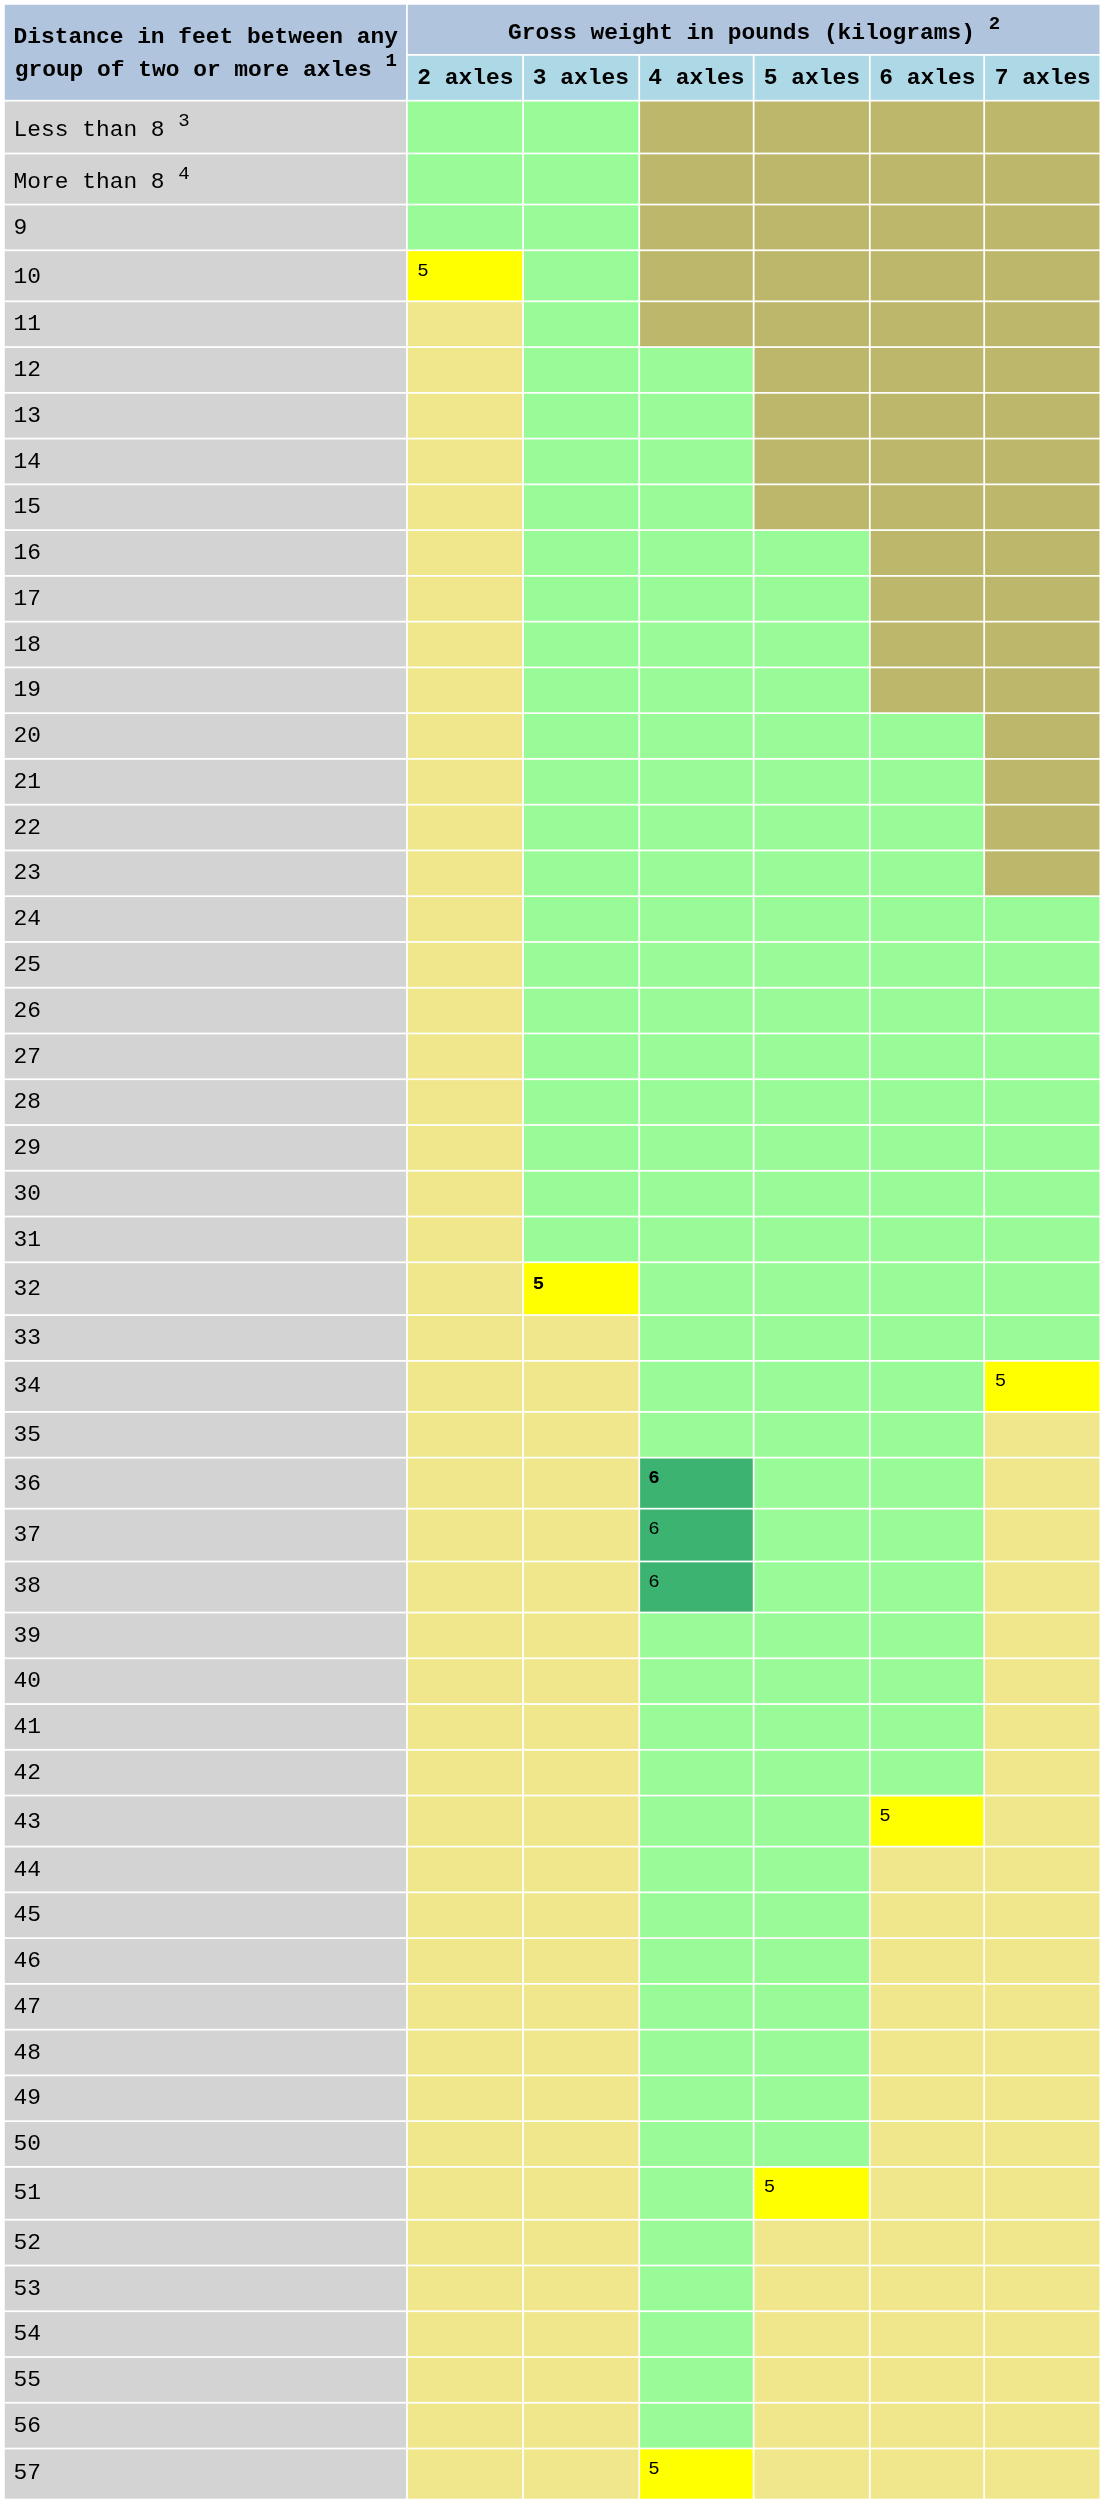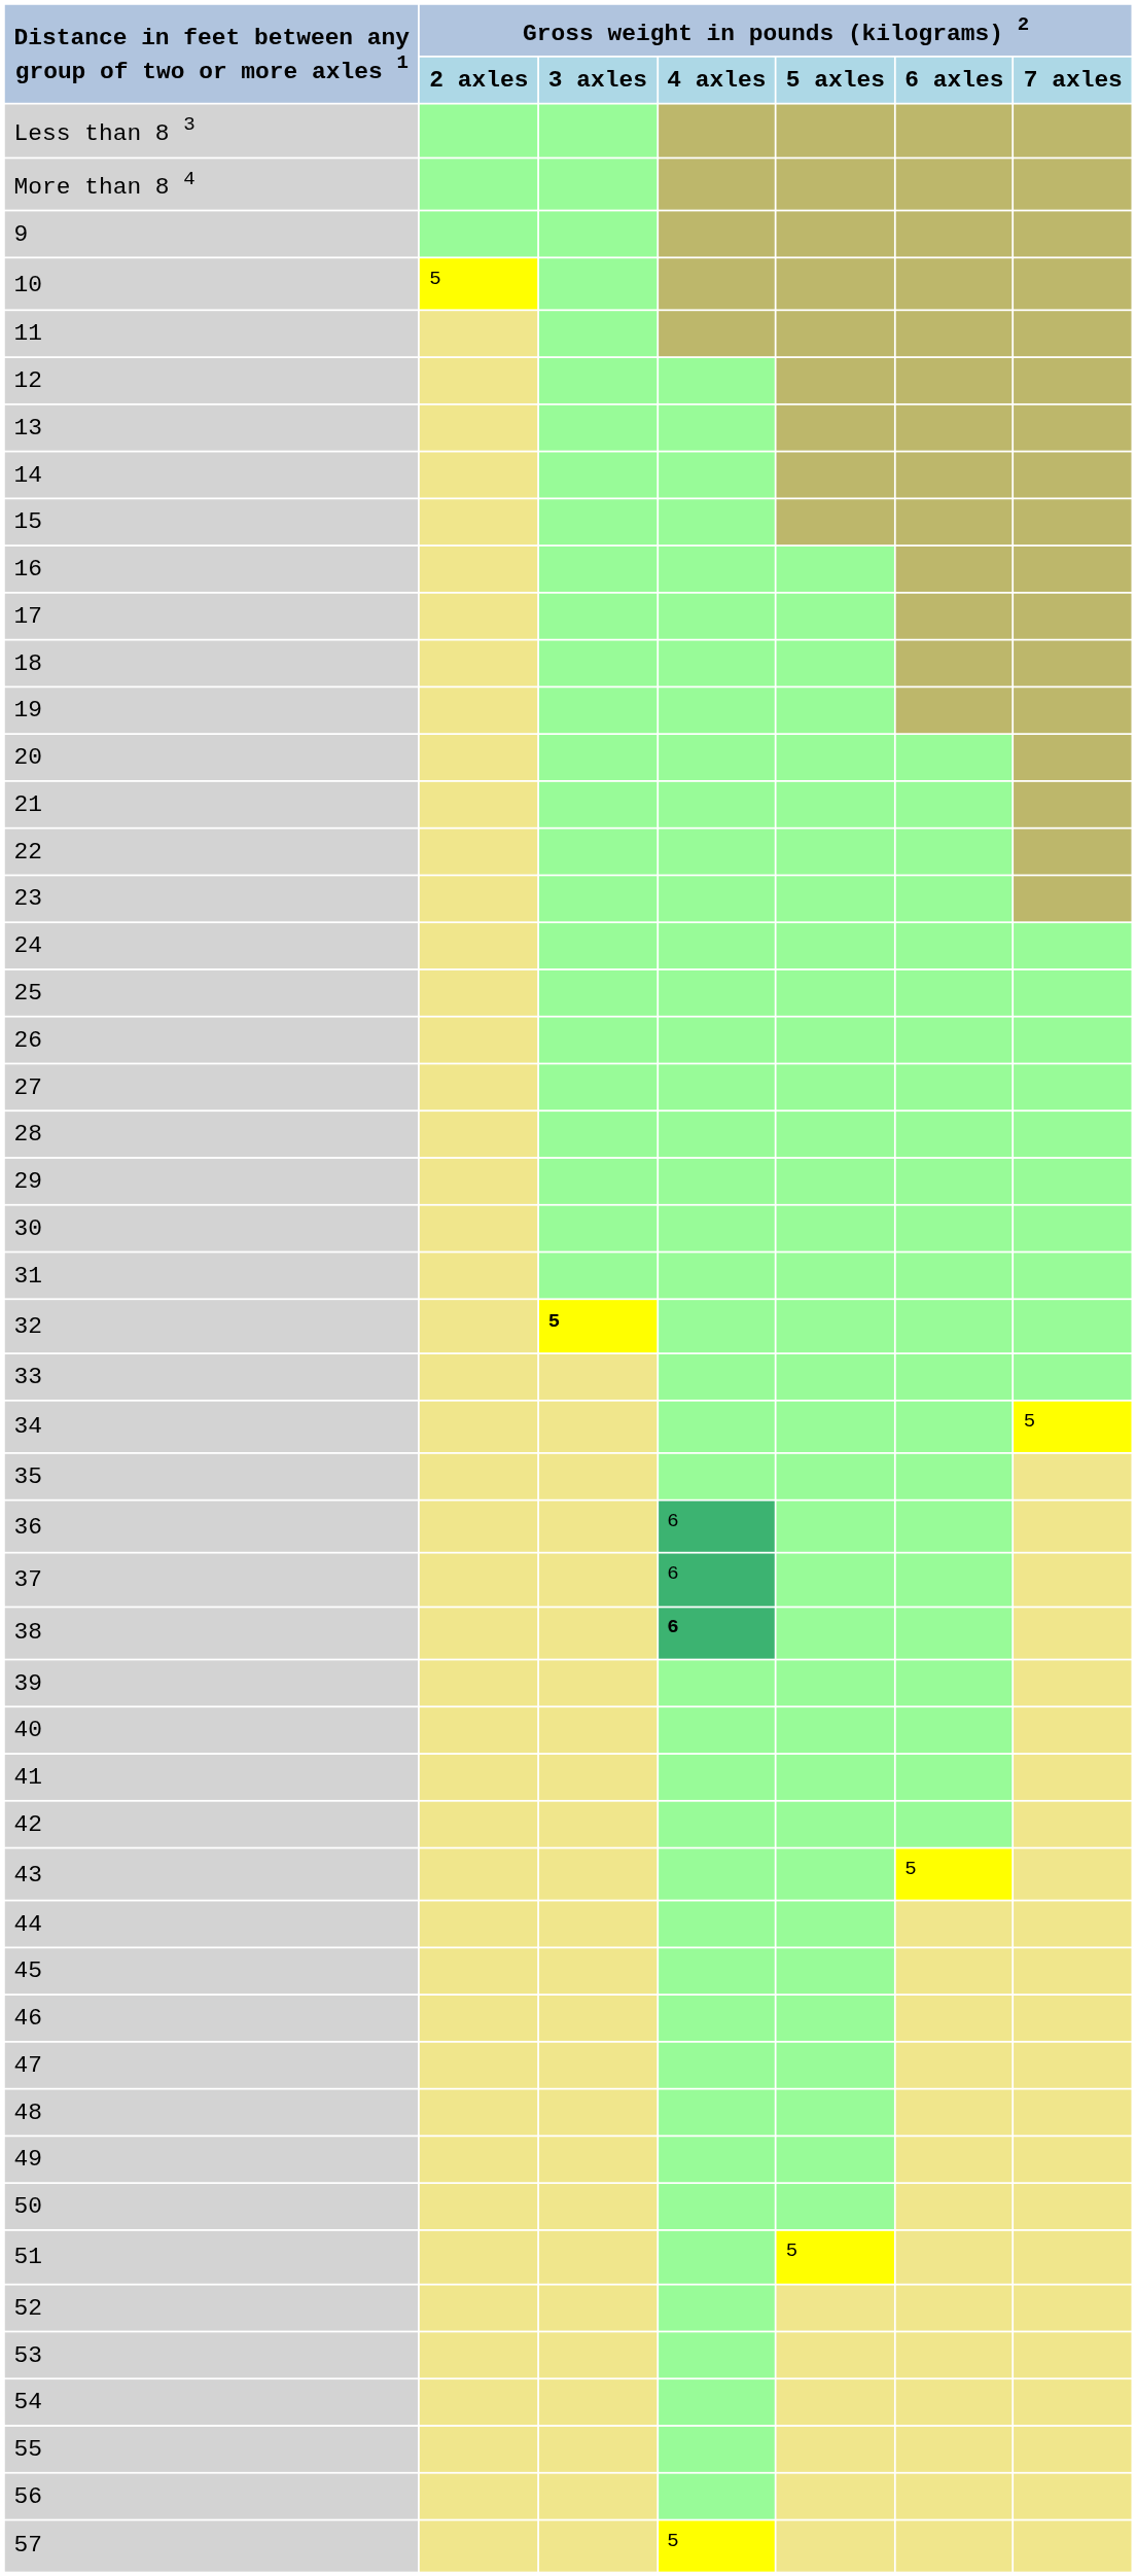 <table cellpadding="5" border="0" cellspacing="1">
 <tr>
 <th style="background:#B0C4DE;" rowspan="2">Distance in feet between any<br>group of two or more axles <sup>1</sup></th>
 <th style="background:#B0C4DE;" colspan="6">Gross weight in pounds  (kilograms) <sup>2</sup></th>
 </tr>
 <tr>
 <td style="background:#ADD8E6;"><strong>2 axles</strong></td>
 <td style="background:#ADD8E6;"><strong>3 axles</strong></td>
 <td style="background:#ADD8E6;"><strong>4 axles</strong></td>
 <td style="background:#ADD8E6;"><strong>5 axles</strong></td>
 <td style="background:#ADD8E6;"><strong>6 axles</strong></td>
 <td style="background:#ADD8E6;"><strong>7 axles</strong></td>
 </tr>
 <tr>
 <td style="background:#D3D3D3;">Less than 8 <sup>3</sup></td>
 <td style="background:#98FB98;"></td>
 <td style="background:#98FB98;"></td>
 <td style="background:#BDB76B;"></td>
 <td style="background:#BDB76B;"></td>
 <td style="background:#BDB76B;"></td>
 <td style="background:#BDB76B;"></td>
 </tr>
 <tr>
 <td style="background:#D3D3D3;">More than 8 <sup>4</sup></td>
 <td style="background:#98FB98;"></td>
 <td style="background:#98FB98;"></td>
 <td style="background:#BDB76B;"></td>
 <td style="background:#BDB76B;"></td>
 <td style="background:#BDB76B;"></td>
 <td style="background:#BDB76B;"></td>
 </tr>
 <tr>
 <td style="background:#D3D3D3;">9</td>
 <td style="background:#98FB98;"></td>
 <td style="background:#98FB98;"></td>
 <td style="background:#BDB76B;"></td>
 <td style="background:#BDB76B;"></td>
 <td style="background:#BDB76B;"></td>
 <td style="background:#BDB76B;"></td>
 </tr>
 <tr>
 <td style="background:#D3D3D3;">10</td>
 <td style="background:#FFFF00;"><sup>5</sup></td>
 <td style="background:#98FB98;"></td>
 <td style="background:#BDB76B;"></td>
 <td style="background:#BDB76B;"></td>
 <td style="background:#BDB76B;"></td>
 <td style="background:#BDB76B;"></td>
 </tr>
 <tr>
 <td style="background:#D3D3D3;">11</td>
 <td style="background:#F0E68C;"></td>
 <td style="background:#98FB98;"></td>
 <td style="background:#BDB76B;"></td>
 <td style="background:#BDB76B;"></td>
 <td style="background:#BDB76B;"></td>
 <td style="background:#BDB76B;"></td>
 </tr>
 <tr>
 <td style="background:#D3D3D3;">12</td>
 <td style="background:#F0E68C;"></td>
 <td style="background:#98FB98;"></td>
 <td style="background:#98FB98;"></td>
 <td style="background:#BDB76B;"></td>
 <td style="background:#BDB76B;"></td>
 <td style="background:#BDB76B;"></td>
 </tr>
 <tr>
 <td style="background:#D3D3D3;">13</td>
 <td style="background:#F0E68C;"></td>
 <td style="background:#98FB98;"></td>
 <td style="background:#98FB98;"></td>
 <td style="background:#BDB76B;"></td>
 <td style="background:#BDB76B;"></td>
 <td style="background:#BDB76B;"></td>
 </tr>
 <tr>
 <td style="background:#D3D3D3;">14</td>
 <td style="background:#F0E68C;"></td>
 <td style="background:#98FB98;"></td>
 <td style="background:#98FB98;"></td>
 <td style="background:#BDB76B;"></td>
 <td style="background:#BDB76B;"></td>
 <td style="background:#BDB76B;"></td>
 </tr>
 <tr>
 <td style="background:#D3D3D3;">15</td>
 <td style="background:#F0E68C;"></td>
 <td style="background:#98FB98;"></td>
 <td style="background:#98FB98;"></td>
 <td style="background:#BDB76B;"></td>
 <td style="background:#BDB76B;"></td>
 <td style="background:#BDB76B;"></td>
 </tr>
 <tr>
 <td style="background:#D3D3D3;">16</td>
 <td style="background:#F0E68C;"></td>
 <td style="background:#98FB98;"></td>
 <td style="background:#98FB98;"></td>
 <td style="background:#98FB98;"></td>
 <td style="background:#BDB76B;"></td>
 <td style="background:#BDB76B;"></td>
 </tr>
 <tr>
 <td style="background:#D3D3D3;">17</td>
 <td style="background:#F0E68C;"></td>
 <td style="background:#98FB98;"></td>
 <td style="background:#98FB98;"></td>
 <td style="background:#98FB98;"></td>
 <td style="background:#BDB76B;"></td>
 <td style="background:#BDB76B;"></td>
 </tr>
 <tr>
 <td style="background:#D3D3D3;">18</td>
 <td style="background:#F0E68C;"></td>
 <td style="background:#98FB98;"></td>
 <td style="background:#98FB98;"></td>
 <td style="background:#98FB98;"></td>
 <td style="background:#BDB76B;"></td>
 <td style="background:#BDB76B;"></td>
 </tr>
 <tr>
 <td style="background:#D3D3D3;">19</td>
 <td style="background:#F0E68C;"></td>
 <td style="background:#98FB98;"></td>
 <td style="background:#98FB98;"></td>
 <td style="background:#98FB98;"></td>
 <td style="background:#BDB76B;"></td>
 <td style="background:#BDB76B;"></td>
 </tr>
 <tr>
 <td style="background:#D3D3D3;">20</td>
 <td style="background:#F0E68C;"></td>
 <td style="background:#98FB98;"></td>
 <td style="background:#98FB98;"></td>
 <td style="background:#98FB98;"></td>
 <td style="background:#98FB98;"></td>
 <td style="background:#BDB76B;"></td>
 </tr>
 <tr>
 <td style="background:#D3D3D3;">21</td>
 <td style="background:#F0E68C;"></td>
 <td style="background:#98FB98;"></td>
 <td style="background:#98FB98;"></td>
 <td style="background:#98FB98;"></td>
 <td style="background:#98FB98;"></td>
 <td style="background:#BDB76B;"></td>
 </tr>
 <tr>
 <td style="background:#D3D3D3;">22</td>
 <td style="background:#F0E68C;"></td>
 <td style="background:#98FB98;"></td>
 <td style="background:#98FB98;"></td>
 <td style="background:#98FB98;"></td>
 <td style="background:#98FB98;"></td>
 <td style="background:#BDB76B;"></td>
 </tr>
 <tr>
 <td style="background:#D3D3D3;">23</td>
 <td style="background:#F0E68C;"></td>
 <td style="background:#98FB98;"></td>
 <td style="background:#98FB98;"></td>
 <td style="background:#98FB98;"></td>
 <td style="background:#98FB98;"></td>
 <td style="background:#BDB76B;"></td>
 </tr>
 <tr>
 <td style="background:#D3D3D3;">24</td>
 <td style="background:#F0E68C;"></td>
 <td style="background:#98FB98;"></td>
 <td style="background:#98FB98;"></td>
 <td style="background:#98FB98;"></td>
 <td style="background:#98FB98;"></td>
 <td style="background:#98FB98;"></td>
 </tr>
 <tr>
 <td style="background:#D3D3D3;">25</td>
 <td style="background:#F0E68C;"></td>
 <td style="background:#98FB98;"></td>
 <td style="background:#98FB98;"></td>
 <td style="background:#98FB98;"></td>
 <td style="background:#98FB98;"></td>
 <td style="background:#98FB98;"></td>
 </tr>
 <tr>
 <td style="background:#D3D3D3;">26</td>
 <td style="background:#F0E68C;"></td>
 <td style="background:#98FB98;"></td>
 <td style="background:#98FB98;"></td>
 <td style="background:#98FB98;"></td>
 <td style="background:#98FB98;"></td>
 <td style="background:#98FB98;"></td>
 </tr>
 <tr>
 <td style="background:#D3D3D3;">27</td>
 <td style="background:#F0E68C;"></td>
 <td style="background:#98FB98;"></td>
 <td style="background:#98FB98;"></td>
 <td style="background:#98FB98;"></td>
 <td style="background:#98FB98;"></td>
 <td style="background:#98FB98;"></td>
 </tr>
 <tr>
 <td style="background:#D3D3D3;">28</td>
 <td style="background:#F0E68C;"></td>
 <td style="background:#98FB98;"></td>
 <td style="background:#98FB98;"></td>
 <td style="background:#98FB98;"></td>
 <td style="background:#98FB98;"></td>
 <td style="background:#98FB98;"></td>
 </tr>
 <tr>
 <td style="background:#D3D3D3;">29</td>
 <td style="background:#F0E68C;"></td>
 <td style="background:#98FB98;"></td>
 <td style="background:#98FB98;"></td>
 <td style="background:#98FB98;"></td>
 <td style="background:#98FB98;"></td>
 <td style="background:#98FB98;"></td>
 </tr>
 <tr>
 <td style="background:#D3D3D3;">30</td>
 <td style="background:#F0E68C;"></td>
 <td style="background:#98FB98;"></td>
 <td style="background:#98FB98;"></td>
 <td style="background:#98FB98;"></td>
 <td style="background:#98FB98;"></td>
 <td style="background:#98FB98;"></td>
 </tr>
 <tr>
 <td style="background:#D3D3D3;">31</td>
 <td style="background:#F0E68C;"></td>
 <td style="background:#98FB98;"></td>
 <td style="background:#98FB98;"></td>
 <td style="background:#98FB98;"></td>
 <td style="background:#98FB98;"></td>
 <td style="background:#98FB98;"></td>
 </tr>
 <tr>
 <td style="background:#D3D3D3;">32</td>
 <td style="background:#F0E68C;"></td>
 <td style="background:#FFFF00;"><strong><sup>5</sup></strong></td>
 <td style="background:#98FB98;"></td>
 <td style="background:#98FB98;"></td>
 <td style="background:#98FB98;"></td>
 <td style="background:#98FB98;"></td>
 </tr>
 <tr>
 <td style="background:#D3D3D3;">33</td>
 <td style="background:#F0E68C;"></td>
 <td style="background:#F0E68C;"></td>
 <td style="background:#98FB98;"></td>
 <td style="background:#98FB98;"></td>
 <td style="background:#98FB98;"></td>
 <td style="background:#98FB98;"></td>
 </tr>
 <tr>
 <td style="background:#D3D3D3;">34</td>
 <td style="background:#F0E68C;"></td>
 <td style="background:#F0E68C;"></td>
 <td style="background:#98FB98;"></td>
 <td style="background:#98FB98;"></td>
 <td style="background:#98FB98;"></td>
 <td style="background:#FFFF00;"><sup>5</sup></td>
 </tr>
 <tr>
 <td style="background:#D3D3D3;">35</td>
 <td style="background:#F0E68C;"></td>
 <td style="background:#F0E68C;"></td>
 <td style="background:#98FB98;"></td>
 <td style="background:#98FB98;"></td>
 <td style="background:#98FB98;"></td>
 <td style="background:#F0E68C;"></td>
 </tr>
 <tr>
 <td style="background:#D3D3D3;">36</td>
 <td style="background:#F0E68C;"></td>
 <td style="background:#F0E68C;"></td>
-<td style="background:#3CB371;"><strong><sup>6</sup></strong></td>
+<td style="background:#3CB371;"><sup>6</sup></td>
 <td style="background:#98FB98;"></td>
 <td style="background:#98FB98;"></td>
 <td style="background:#F0E68C;"></td>
 </tr>
 <tr>
 <td style="background:#D3D3D3;">37</td>
 <td style="background:#F0E68C;"></td>
 <td style="background:#F0E68C;"></td>
 <td style="background:#3CB371;"><sup>6</sup></td>
 <td style="background:#98FB98;"></td>
 <td style="background:#98FB98;"></td>
 <td style="background:#F0E68C;"></td>
 </tr>
 <tr>
 <td style="background:#D3D3D3;">38</td>
 <td style="background:#F0E68C;"></td>
 <td style="background:#F0E68C;"></td>
-<td style="background:#3CB371;"><sup>6</sup></td>
+<td style="background:#3CB371;"><strong><sup>6</sup></strong></td>
 <td style="background:#98FB98;"></td>
 <td style="background:#98FB98;"></td>
 <td style="background:#F0E68C;"></td>
 </tr>
 <tr>
 <td style="background:#D3D3D3;">39</td>
 <td style="background:#F0E68C;"></td>
 <td style="background:#F0E68C;"></td>
 <td style="background:#98FB98;"></td>
 <td style="background:#98FB98;"></td>
 <td style="background:#98FB98;"></td>
 <td style="background:#F0E68C;"></td>
 </tr>
 <tr>
 <td style="background:#D3D3D3;">40</td>
 <td style="background:#F0E68C;"></td>
 <td style="background:#F0E68C;"></td>
 <td style="background:#98FB98;"></td>
 <td style="background:#98FB98;"></td>
 <td style="background:#98FB98;"></td>
 <td style="background:#F0E68C;"></td>
 </tr>
 <tr>
 <td style="background:#D3D3D3;">41</td>
 <td style="background:#F0E68C;"></td>
 <td style="background:#F0E68C;"></td>
 <td style="background:#98FB98;"></td>
 <td style="background:#98FB98;"></td>
 <td style="background:#98FB98;"></td>
 <td style="background:#F0E68C;"></td>
 </tr>
 <tr>
 <td style="background:#D3D3D3;">42</td>
 <td style="background:#F0E68C;"></td>
 <td style="background:#F0E68C;"></td>
 <td style="background:#98FB98;"></td>
 <td style="background:#98FB98;"></td>
 <td style="background:#98FB98;"></td>
 <td style="background:#F0E68C;"></td>
 </tr>
 <tr>
 <td style="background:#D3D3D3;">43</td>
 <td style="background:#F0E68C;"></td>
 <td style="background:#F0E68C;"></td>
 <td style="background:#98FB98;"></td>
 <td style="background:#98FB98;"></td>
 <td style="background:#FFFF00;"><sup>5</sup></td>
 <td style="background:#F0E68C;"></td>
 </tr>
 <tr>
 <td style="background:#D3D3D3;">44</td>
 <td style="background:#F0E68C;"></td>
 <td style="background:#F0E68C;"></td>
 <td style="background:#98FB98;"></td>
 <td style="background:#98FB98;"></td>
 <td style="background:#F0E68C;"></td>
 <td style="background:#F0E68C;"></td>
 </tr>
 <tr>
 <td style="background:#D3D3D3;">45</td>
 <td style="background:#F0E68C;"></td>
 <td style="background:#F0E68C;"></td>
 <td style="background:#98FB98;"></td>
 <td style="background:#98FB98;"></td>
 <td style="background:#F0E68C;"></td>
 <td style="background:#F0E68C;"></td>
 </tr>
 <tr>
 <td style="background:#D3D3D3;">46</td>
 <td style="background:#F0E68C;"></td>
 <td style="background:#F0E68C;"></td>
 <td style="background:#98FB98;"></td>
 <td style="background:#98FB98;"></td>
 <td style="background:#F0E68C;"></td>
 <td style="background:#F0E68C;"></td>
 </tr>
 <tr>
 <td style="background:#D3D3D3;">47</td>
 <td style="background:#F0E68C;"></td>
 <td style="background:#F0E68C;"></td>
 <td style="background:#98FB98;"></td>
 <td style="background:#98FB98;"></td>
 <td style="background:#F0E68C;"></td>
 <td style="background:#F0E68C;"></td>
 </tr>
 <tr>
 <td style="background:#D3D3D3;">48</td>
 <td style="background:#F0E68C;"></td>
 <td style="background:#F0E68C;"></td>
 <td style="background:#98FB98;"></td>
 <td style="background:#98FB98;"></td>
 <td style="background:#F0E68C;"></td>
 <td style="background:#F0E68C;"></td>
 </tr>
 <tr>
 <td style="background:#D3D3D3;">49</td>
 <td style="background:#F0E68C;"></td>
 <td style="background:#F0E68C;"></td>
 <td style="background:#98FB98;"></td>
 <td style="background:#98FB98;"></td>
 <td style="background:#F0E68C;"></td>
 <td style="background:#F0E68C;"></td>
 </tr>
 <tr>
 <td style="background:#D3D3D3;">50</td>
 <td style="background:#F0E68C;"></td>
 <td style="background:#F0E68C;"></td>
 <td style="background:#98FB98;"></td>
 <td style="background:#98FB98;"></td>
 <td style="background:#F0E68C;"></td>
 <td style="background:#F0E68C;"></td>
 </tr>
 <tr>
 <td style="background:#D3D3D3;">51</td>
 <td style="background:#F0E68C;"></td>
 <td style="background:#F0E68C;"></td>
 <td style="background:#98FB98;"></td>
 <td style="background:#FFFF00;"><sup>5</sup></td>
 <td style="background:#F0E68C;"></td>
 <td style="background:#F0E68C;"></td>
 </tr>
 <tr>
 <td style="background:#D3D3D3;">52</td>
 <td style="background:#F0E68C;"></td>
 <td style="background:#F0E68C;"></td>
 <td style="background:#98FB98;"></td>
 <td style="background:#F0E68C;"></td>
 <td style="background:#F0E68C;"></td>
 <td style="background:#F0E68C;"></td>
 </tr>
 <tr>
 <td style="background:#D3D3D3;">53</td>
 <td style="background:#F0E68C;"></td>
 <td style="background:#F0E68C;"></td>
 <td style="background:#98FB98;"></td>
 <td style="background:#F0E68C;"></td>
 <td style="background:#F0E68C;"></td>
 <td style="background:#F0E68C;"></td>
 </tr>
 <tr>
 <td style="background:#D3D3D3;">54</td>
 <td style="background:#F0E68C;"></td>
 <td style="background:#F0E68C;"></td>
 <td style="background:#98FB98;"></td>
 <td style="background:#F0E68C;"></td>
 <td style="background:#F0E68C;"></td>
 <td style="background:#F0E68C;"></td>
 </tr>
 <tr>
 <td style="background:#D3D3D3;">55</td>
 <td style="background:#F0E68C;"></td>
 <td style="background:#F0E68C;"></td>
 <td style="background:#98FB98;"></td>
 <td style="background:#F0E68C;"></td>
 <td style="background:#F0E68C;"></td>
 <td style="background:#F0E68C;"></td>
 </tr>
 <tr>
 <td style="background:#D3D3D3;">56</td>
 <td style="background:#F0E68C;"></td>
 <td style="background:#F0E68C;"></td>
 <td style="background:#98FB98;"></td>
 <td style="background:#F0E68C;"></td>
 <td style="background:#F0E68C;"></td>
 <td style="background:#F0E68C;"></td>
 </tr>
 <tr>
 <td style="background:#D3D3D3;">57</td>
 <td style="background:#F0E68C;"></td>
 <td style="background:#F0E68C;"></td>
 <td style="background:#FFFF00;"><sup>5</sup></td>
 <td style="background:#F0E68C;"></td>
 <td style="background:#F0E68C;"></td>
 <td style="background:#F0E68C;"></td>
 </tr>
 <tr>
 </tr>
 </table>
